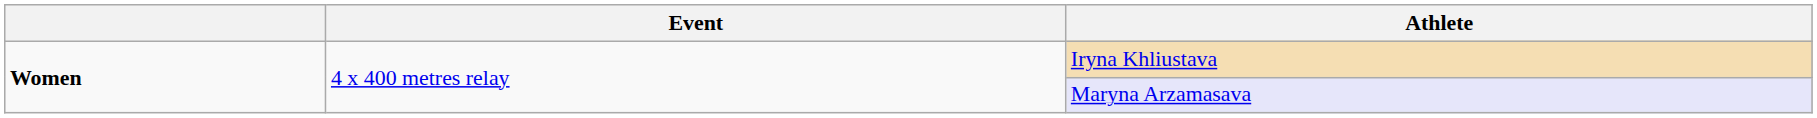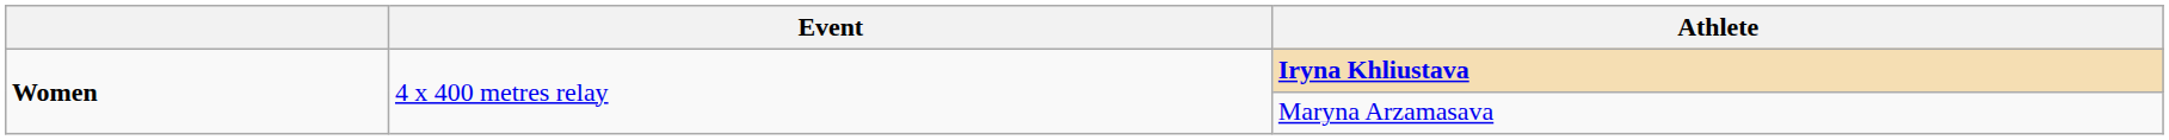 <table class=wikitable style="font-size:90%" width=60%>
 <tr>
 <th></th>
 <th>Event</th>
 <th>Athlete</th>
 </tr>
 <tr>
 <td rowspan=2><strong>Women</strong></td>
 <td rowspan=2><a href='#'>4 x 400 metres relay</a></td>
-<td bgcolor="wheat"><a href='#'>Iryna Khliustava</a></td>
+<td bgcolor="wheat"><strong><a href='#'>Iryna Khliustava</a></strong></td>
 </tr>
 <tr>
-<td style="background: lavender;"><a href='#'>Maryna Arzamasava</a></td>
+<td><a href='#'>Maryna Arzamasava</a></td>
 </tr>
 </table>
